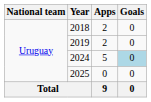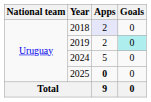 <table class="wikitable" style="text-align: center;">
 <tr>
 <th>National team</th>
 <th>Year</th>
 <th>Apps</th>
 <th>Goals</th>
 </tr>
 <tr>
 <td rowspan="4"><a href='#'>Uruguay</a></td>
 <td>2018</td>
-<td>2</td>
+<td style="background: lavender;">2</td>
 <td>0</td>
 </tr>
 <tr>
 <td>2019</td>
 <td>2</td>
-<td>0</td>
+<td style="background: paleturquoise;">0</td>
 </tr>
 <tr>
 <td>2024</td>
 <td>5</td>
-<td style="background: lightblue;">0</td>
+<td>0</td>
 </tr>
 <tr>
 <td>2025</td>
-<td>0</td>
+<td><strong>0</strong></td>
 <td>0</td>
 </tr>
 <tr>
 <th colspan="2">Total</th>
 <th>9</th>
 <th>0</th>
 </tr>
 </table>
